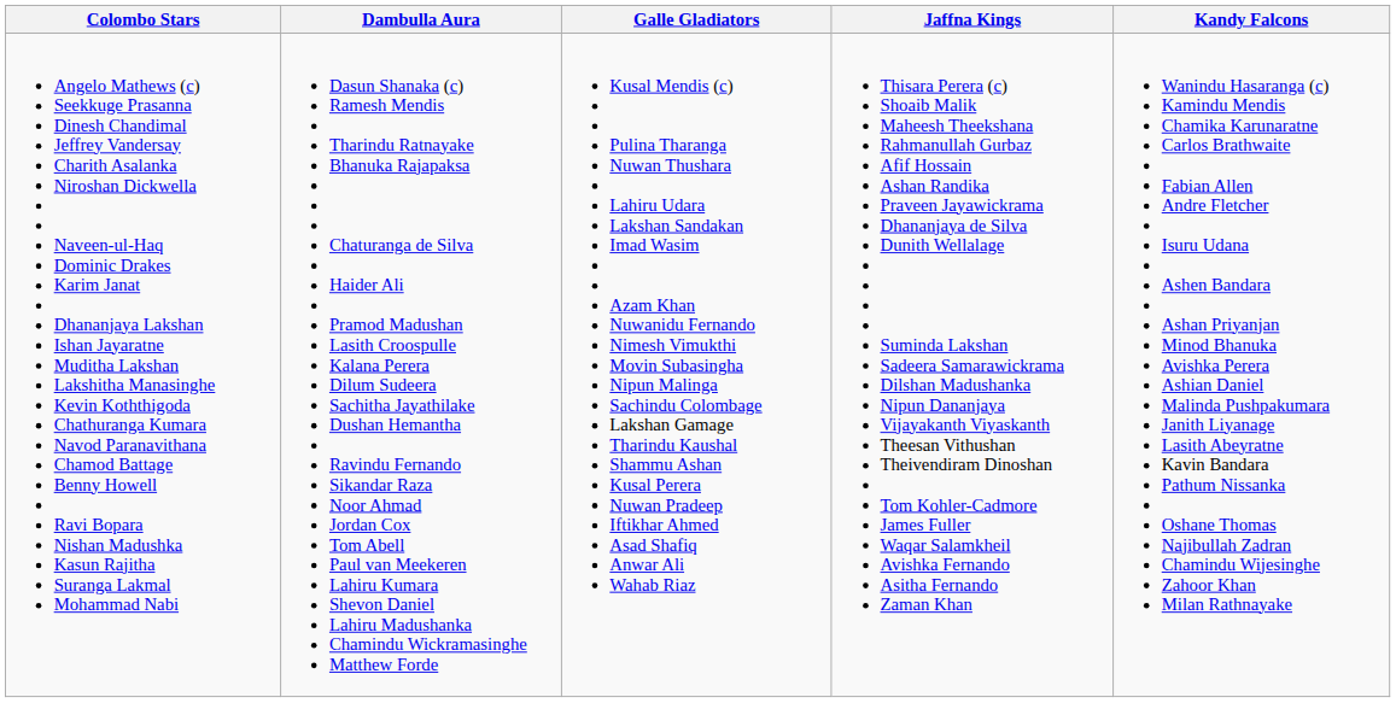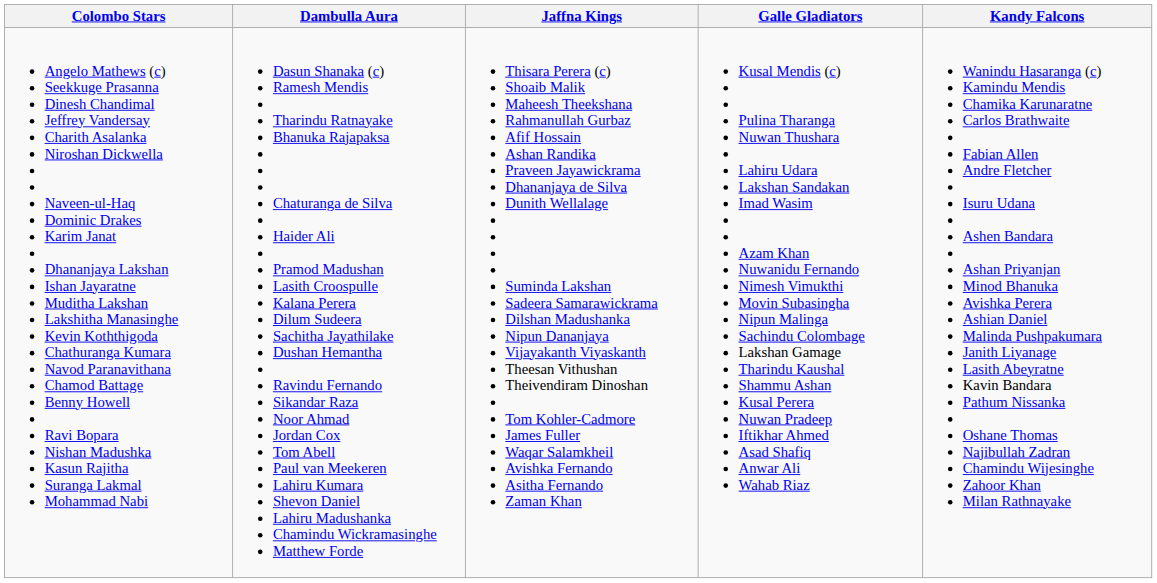 <table class="wikitable">
 <tr>
 <th style="width:280px;"><a href='#'>Colombo Stars</a></th>
 <th style="width:280px;"><a href='#'>Dambulla Aura</a></th>
+<th style="width:280px;"><a href='#'>Jaffna Kings</a></th>
 <th style="width:280px;"><a href='#'>Galle Gladiators</a></th>
-<th style="width:280px;"><a href='#'>Jaffna Kings</a></th>
 <th style="width:280px;"><a href='#'>Kandy Falcons</a></th>
 </tr>
 <tr>
 <td valign=top><br><ul><li><a href='#'>Angelo Mathews</a> (<a href='#'>c</a>)</li><li><a href='#'>Seekkuge Prasanna</a></li><li><a href='#'>Dinesh Chandimal</a></li><li><a href='#'>Jeffrey Vandersay</a></li><li><a href='#'>Charith Asalanka</a></li><li><a href='#'>Niroshan Dickwella</a></li><li></li><li></li><li><a href='#'>Naveen-ul-Haq</a></li><li><a href='#'>Dominic Drakes</a></li><li><a href='#'>Karim Janat</a></li><li></li><li><a href='#'>Dhananjaya Lakshan</a></li><li><a href='#'>Ishan Jayaratne</a></li><li><a href='#'>Muditha Lakshan</a></li><li><a href='#'>Lakshitha Manasinghe</a></li><li><a href='#'>Kevin Koththigoda</a></li><li><a href='#'>Chathuranga Kumara</a></li><li><a href='#'>Navod Paranavithana</a></li><li><a href='#'>Chamod Battage</a></li><li><a href='#'>Benny Howell</a></li><li></li><li><a href='#'>Ravi Bopara</a></li><li><a href='#'>Nishan Madushka</a></li><li><a href='#'>Kasun Rajitha</a></li><li><a href='#'>Suranga Lakmal</a></li><li><a href='#'>Mohammad Nabi</a></li></ul></td>
 <td valign=top><br><ul><li><a href='#'>Dasun Shanaka</a> (<a href='#'>c</a>)</li><li><a href='#'>Ramesh Mendis</a></li><li></li><li><a href='#'>Tharindu Ratnayake</a></li><li><a href='#'>Bhanuka Rajapaksa</a></li><li></li><li></li><li></li><li><a href='#'>Chaturanga de Silva</a></li><li></li><li><a href='#'>Haider Ali</a></li><li></li><li><a href='#'>Pramod Madushan</a></li><li><a href='#'>Lasith Croospulle</a></li><li><a href='#'>Kalana Perera</a></li><li><a href='#'>Dilum Sudeera</a></li><li><a href='#'>Sachitha Jayathilake</a></li><li><a href='#'>Dushan Hemantha</a></li><li></li><li><a href='#'>Ravindu Fernando</a></li><li><a href='#'>Sikandar Raza</a></li><li><a href='#'>Noor Ahmad</a></li><li><a href='#'>Jordan Cox</a></li><li><a href='#'>Tom Abell</a></li><li><a href='#'>Paul van Meekeren</a></li><li><a href='#'>Lahiru Kumara</a></li><li><a href='#'>Shevon Daniel</a></li><li><a href='#'>Lahiru Madushanka</a></li><li><a href='#'>Chamindu Wickramasinghe</a></li><li><a href='#'>Matthew Forde</a></li></ul></td>
+<td valign=top><br><ul><li><a href='#'>Thisara Perera</a> (<a href='#'>c</a>)</li><li><a href='#'>Shoaib Malik</a></li><li><a href='#'>Maheesh Theekshana</a></li><li><a href='#'>Rahmanullah Gurbaz</a></li><li><a href='#'>Afif Hossain</a></li><li><a href='#'>Ashan Randika</a></li><li><a href='#'>Praveen Jayawickrama</a></li><li><a href='#'>Dhananjaya de Silva</a></li><li><a href='#'>Dunith Wellalage</a></li><li></li><li></li><li></li><li></li><li><a href='#'>Suminda Lakshan</a></li><li><a href='#'>Sadeera Samarawickrama</a></li><li><a href='#'>Dilshan Madushanka</a></li><li><a href='#'>Nipun Dananjaya</a></li><li><a href='#'>Vijayakanth Viyaskanth</a></li><li>Theesan Vithushan</li><li>Theivendiram Dinoshan</li><li></li><li><a href='#'>Tom Kohler-Cadmore</a></li><li><a href='#'>James Fuller</a></li><li><a href='#'>Waqar Salamkheil</a></li><li><a href='#'>Avishka Fernando</a></li><li><a href='#'>Asitha Fernando</a></li><li><a href='#'>Zaman Khan</a></li></ul></td>
 <td valign=top><br><ul><li><a href='#'>Kusal Mendis</a> (<a href='#'>c</a>)</li><li></li><li></li><li><a href='#'>Pulina Tharanga</a></li><li><a href='#'>Nuwan Thushara</a></li><li></li><li><a href='#'>Lahiru Udara</a></li><li><a href='#'>Lakshan Sandakan</a></li><li><a href='#'>Imad Wasim</a></li><li></li><li></li><li><a href='#'>Azam Khan</a></li><li><a href='#'>Nuwanidu Fernando</a></li><li><a href='#'>Nimesh Vimukthi</a></li><li><a href='#'>Movin Subasingha</a></li><li><a href='#'>Nipun Malinga</a></li><li><a href='#'>Sachindu Colombage</a></li><li>Lakshan Gamage</li><li><a href='#'>Tharindu Kaushal</a></li><li><a href='#'>Shammu Ashan</a></li><li><a href='#'>Kusal Perera</a></li><li><a href='#'>Nuwan Pradeep</a></li><li><a href='#'>Iftikhar Ahmed</a></li><li><a href='#'>Asad Shafiq</a></li><li><a href='#'>Anwar Ali</a></li><li><a href='#'>Wahab Riaz</a></li></ul></td>
-<td valign=top><br><ul><li><a href='#'>Thisara Perera</a> (<a href='#'>c</a>)</li><li><a href='#'>Shoaib Malik</a></li><li><a href='#'>Maheesh Theekshana</a></li><li><a href='#'>Rahmanullah Gurbaz</a></li><li><a href='#'>Afif Hossain</a></li><li><a href='#'>Ashan Randika</a></li><li><a href='#'>Praveen Jayawickrama</a></li><li><a href='#'>Dhananjaya de Silva</a></li><li><a href='#'>Dunith Wellalage</a></li><li></li><li></li><li></li><li></li><li><a href='#'>Suminda Lakshan</a></li><li><a href='#'>Sadeera Samarawickrama</a></li><li><a href='#'>Dilshan Madushanka</a></li><li><a href='#'>Nipun Dananjaya</a></li><li><a href='#'>Vijayakanth Viyaskanth</a></li><li>Theesan Vithushan</li><li>Theivendiram Dinoshan</li><li></li><li><a href='#'>Tom Kohler-Cadmore</a></li><li><a href='#'>James Fuller</a></li><li><a href='#'>Waqar Salamkheil</a></li><li><a href='#'>Avishka Fernando</a></li><li><a href='#'>Asitha Fernando</a></li><li><a href='#'>Zaman Khan</a></li></ul></td>
 <td valign=top><br><ul><li><a href='#'>Wanindu Hasaranga</a> (<a href='#'>c</a>)</li><li><a href='#'>Kamindu Mendis</a></li><li><a href='#'>Chamika Karunaratne</a></li><li><a href='#'>Carlos Brathwaite</a></li><li></li><li><a href='#'>Fabian Allen</a></li><li><a href='#'>Andre Fletcher</a></li><li></li><li><a href='#'>Isuru Udana</a></li><li></li><li><a href='#'>Ashen Bandara</a></li><li></li><li><a href='#'>Ashan Priyanjan</a></li><li><a href='#'>Minod Bhanuka</a></li><li><a href='#'>Avishka Perera</a></li><li><a href='#'>Ashian Daniel</a></li><li><a href='#'>Malinda Pushpakumara</a></li><li><a href='#'>Janith Liyanage</a></li><li><a href='#'>Lasith Abeyratne</a></li><li>Kavin Bandara</li><li><a href='#'>Pathum Nissanka</a></li><li></li><li><a href='#'>Oshane Thomas</a></li><li><a href='#'>Najibullah Zadran</a></li><li><a href='#'>Chamindu Wijesinghe</a></li><li><a href='#'>Zahoor Khan</a></li><li><a href='#'>Milan Rathnayake</a></li></ul></td>
 </tr>
 </table>
